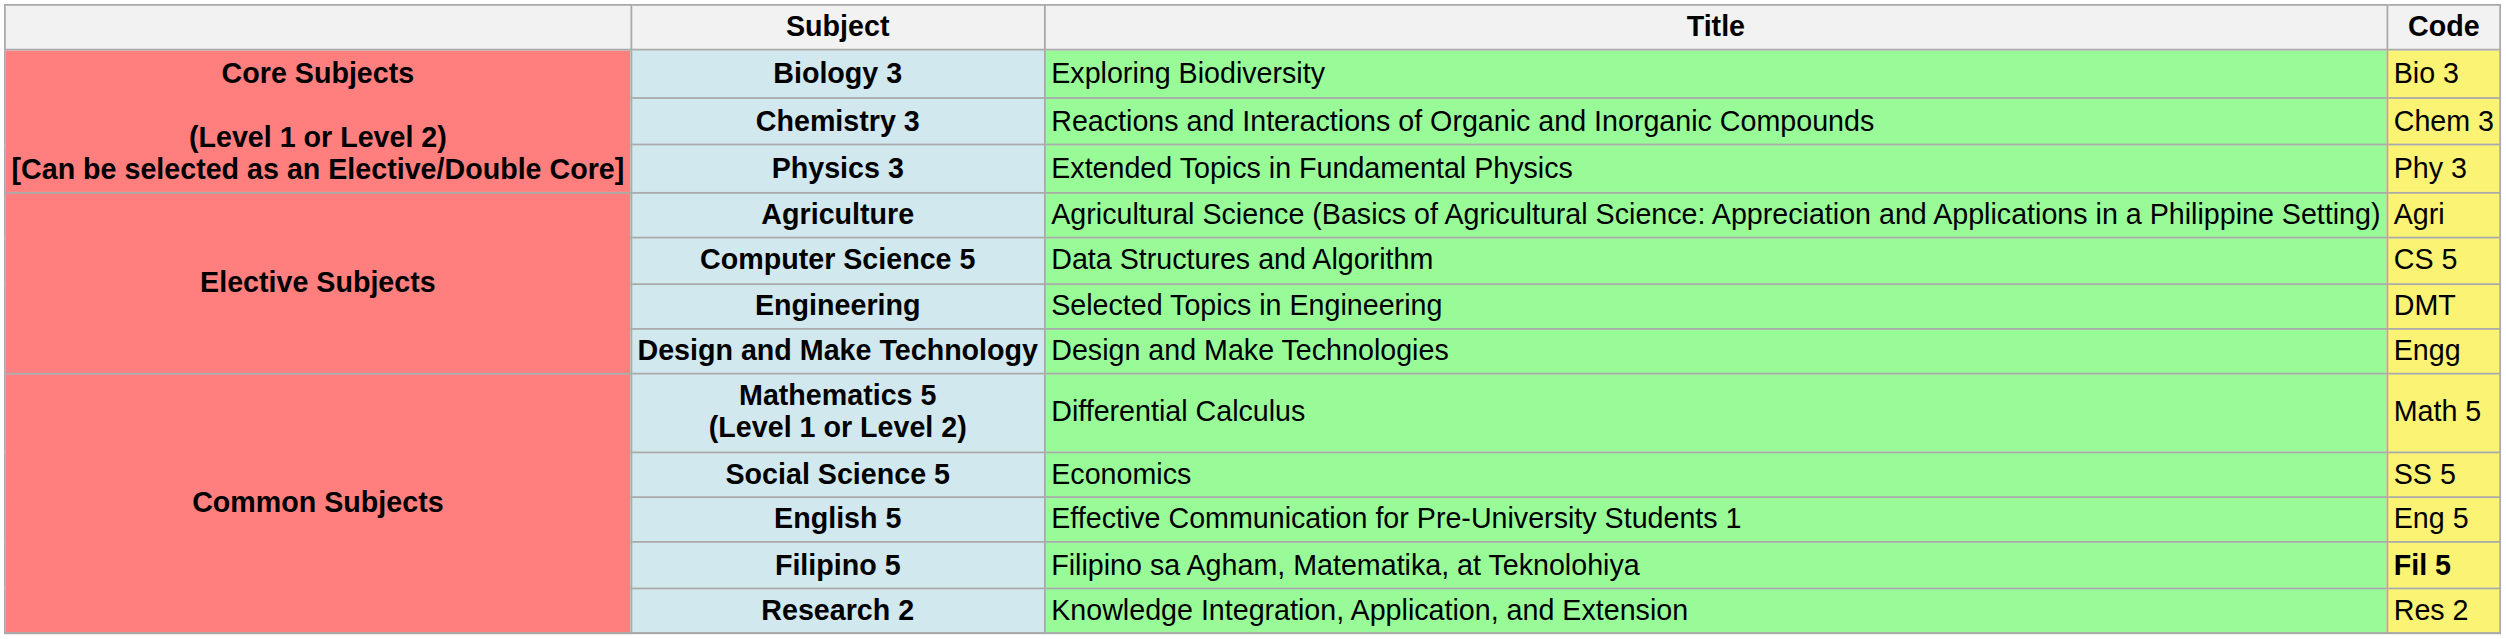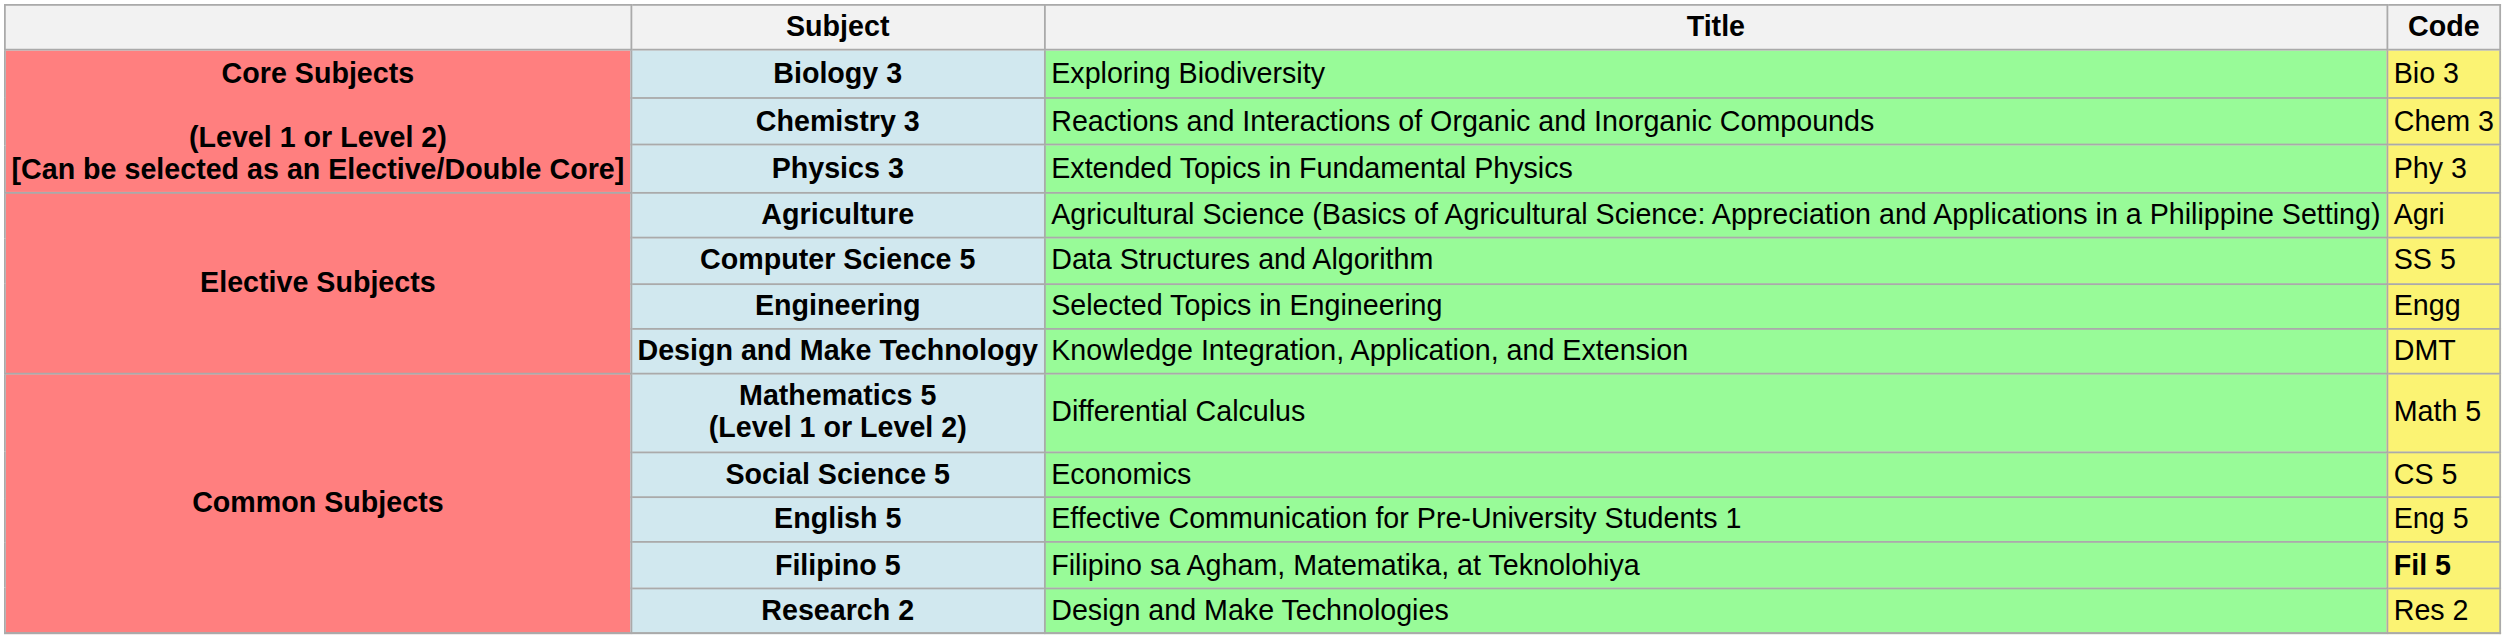 <table class="wikitable collapsible collapsed">
 <tr>
 <th></th>
 <th>Subject</th>
 <th>Title</th>
 <th>Code</th>
 </tr>
 <tr>
 <th rowspan="3" style="background:#FF7F7F">Core Subjects <br><br>(Level 1 or Level 2) <br> [Can be selected as an Elective/Double Core]</th>
 <th style="background:#D1E8EF">Biology 3</th>
 <td style="background:#98FB98;">Exploring Biodiversity</td>
 <td style="background:#FBF373;">Bio 3</td>
 </tr>
 <tr>
 <th style="background:#D1E8EF">Chemistry 3</th>
 <td style="background:#98FB98;">Reactions and Interactions of Organic and Inorganic Compounds</td>
 <td style="background:#FBF373;">Chem 3</td>
 </tr>
 <tr>
 <th style="background:#D1E8EF">Physics 3</th>
 <td style="background:#98FB98;">Extended Topics in Fundamental Physics</td>
 <td style="background:#FBF373;">Phy 3</td>
 </tr>
 <tr>
 <th rowspan="4" style="background:#FF7F7F">Elective Subjects</th>
 <th style="background:#D1E8EF">Agriculture</th>
 <td style="background:#98FB98;">Agricultural Science (Basics of Agricultural Science: Appreciation and Applications in a Philippine Setting)</td>
 <td style="background:#FBF373;">Agri</td>
 </tr>
 <tr>
 <th style="background:#D1E8EF">Computer Science 5</th>
 <td style="background:#98FB98;">Data Structures and Algorithm</td>
-<td style="background:#FBF373;">CS 5</td>
+<td style="background:#FBF373;">SS 5</td>
 </tr>
 <tr>
 <th style="background:#D1E8EF">Engineering</th>
 <td style="background:#98FB98;">Selected Topics in Engineering</td>
-<td style="background:#FBF373;">DMT</td>
+<td style="background:#FBF373;">Engg</td>
 </tr>
 <tr>
 <th style="background:#D1E8EF">Design and Make Technology</th>
-<td style="background:#98FB98;">Design and Make Technologies</td>
-<td style="background:#FBF373;">Engg</td>
+<td style="background:#98FB98;">Knowledge Integration, Application, and Extension</td>
+<td style="background:#FBF373;">DMT</td>
 </tr>
 <tr>
 <th rowspan="5" style="background:#FF7F7F">Common Subjects</th>
 <th style="background:#D1E8EF">Mathematics 5 <br> (Level 1 or Level 2)</th>
 <td style="background:#98FB98;">Differential Calculus</td>
 <td style="background:#FBF373;">Math 5</td>
 </tr>
 <tr>
 <th style="background:#D1E8EF">Social Science 5</th>
 <td style="background:#98FB98;">Economics</td>
-<td style="background:#FBF373;">SS 5</td>
+<td style="background:#FBF373;">CS 5</td>
 </tr>
 <tr>
 <th style="background:#D1E8EF">English 5</th>
 <td style="background:#98FB98;">Effective Communication for Pre-University Students 1</td>
 <td style="background:#FBF373;">Eng 5</td>
 </tr>
 <tr>
 <th style="background:#D1E8EF">Filipino 5</th>
 <td style="background:#98FB98;">Filipino sa Agham, Matematika, at Teknolohiya</td>
 <td style="background:#FBF373;"><strong>Fil 5</strong></td>
 </tr>
 <tr>
 <th style="background:#D1E8EF">Research 2</th>
-<td style="background:#98FB98;">Knowledge Integration, Application, and Extension</td>
+<td style="background:#98FB98;">Design and Make Technologies</td>
 <td style="background:#FBF373;">Res 2</td>
 </tr>
 <tr>
 </tr>
 </table>
